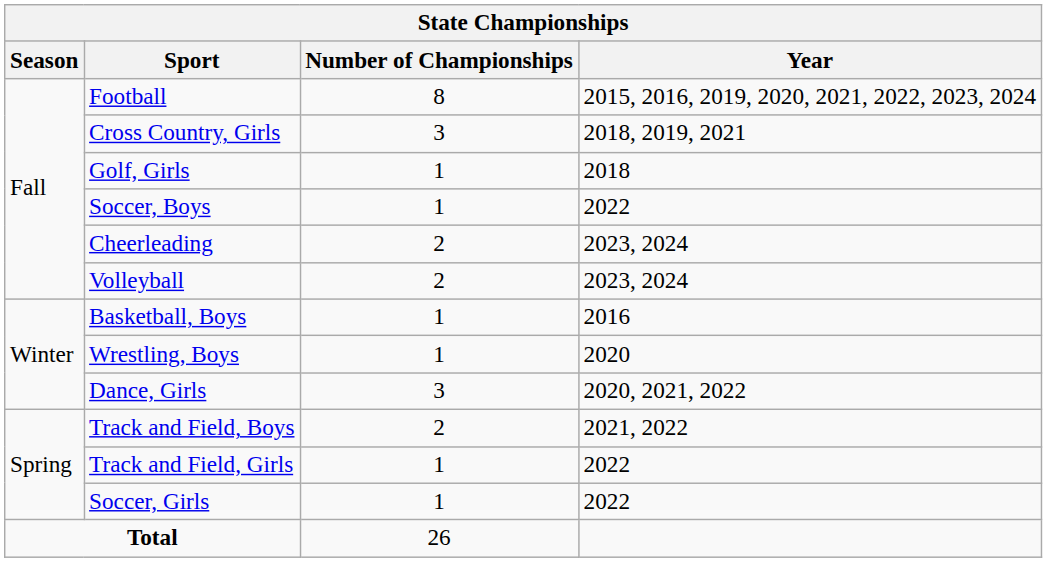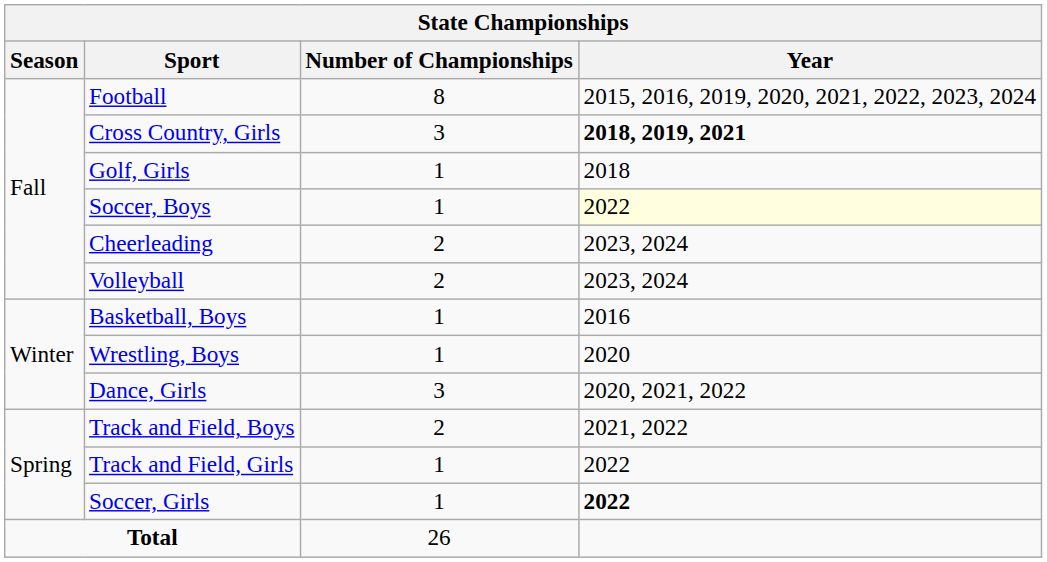 <table class="wikitable">
 <tr>
 <th colspan="4">State Championships</th>
 </tr>
 <tr>
 <th>Season</th>
 <th>Sport</th>
 <th>Number of Championships</th>
 <th>Year</th>
 </tr>
 <tr>
 <td rowspan="6">Fall</td>
 <td><a href='#'>Football</a></td>
 <td align="center">8</td>
 <td>2015, 2016, 2019, 2020, 2021, 2022, 2023, 2024</td>
 </tr>
 <tr>
 <td><a href='#'>Cross Country, Girls</a></td>
 <td align="center">3</td>
-<td align="left">2018, 2019, 2021</td>
+<td align="left"><strong>2018, 2019, 2021</strong></td>
 </tr>
 <tr>
 <td><a href='#'>Golf, Girls</a></td>
 <td align="center">1</td>
 <td>2018</td>
 </tr>
 <tr>
 <td><a href='#'>Soccer, Boys</a></td>
 <td align="center">1</td>
-<td>2022</td>
+<td style="background: lightyellow;">2022</td>
 </tr>
 <tr>
 <td><a href='#'>Cheerleading</a></td>
 <td align="center">2</td>
 <td>2023, 2024</td>
 </tr>
 <tr>
 <td><a href='#'>Volleyball</a></td>
 <td align="center">2</td>
 <td>2023, 2024</td>
 </tr>
 <tr>
 <td rowspan="3">Winter</td>
 <td><a href='#'>Basketball, Boys</a></td>
 <td align="center">1</td>
 <td>2016</td>
 </tr>
 <tr>
 <td><a href='#'>Wrestling, Boys</a></td>
 <td align="center">1</td>
 <td>2020</td>
 </tr>
 <tr>
 <td><a href='#'>Dance, Girls</a></td>
 <td align="center">3</td>
 <td>2020, 2021, 2022</td>
 </tr>
 <tr>
 <td rowspan="3">Spring</td>
 <td><a href='#'>Track and Field, Boys</a></td>
 <td align="center">2</td>
 <td>2021, 2022</td>
 </tr>
 <tr>
 <td><a href='#'>Track and Field, Girls</a></td>
 <td align="center">1</td>
 <td>2022</td>
 </tr>
 <tr>
 <td><a href='#'>Soccer, Girls</a></td>
 <td align="center">1</td>
-<td>2022</td>
+<td><strong>2022</strong></td>
 </tr>
 <tr>
 <td align="center" colspan="2"><strong>Total</strong></td>
 <td align="center">26</td>
 </tr>
 </table>
